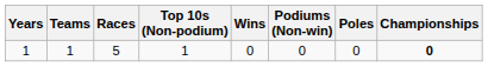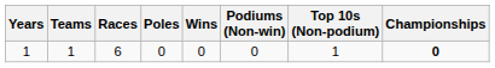 <table class="wikitable" style="text-align:center; font-size:95%">
 <tr>
 <th>Years</th>
 <th>Teams</th>
 <th>Races</th>
-<th>Top 10s<br>(Non-podium)</th>
+<th>Poles</th>
 <th>Wins</th>
 <th>Podiums<br>(Non-win)</th>
-<th>Poles</th>
+<th>Top 10s<br>(Non-podium)</th>
 <th>Championships</th>
 </tr>
 <tr>
 <td>1</td>
 <td>1</td>
-<td>5</td>
-<td>1</td>
+<td>6</td>
 <td>0</td>
 <td>0</td>
 <td>0</td>
+<td>1</td>
 <td><strong>0</strong></td>
 </tr>
 </table>
